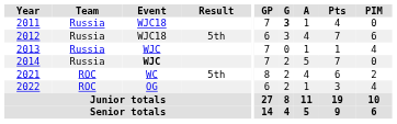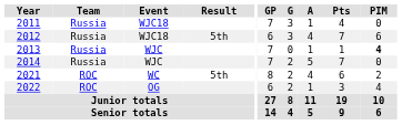 <table border="0" cellpadding="1" cellspacing="0" ID="Table3" style="text-align:center; width:40em">
 <tr ALIGN="center" bgcolor="#e0e0e0">
 <th>Year</th>
 <th>Team</th>
 <th>Event</th>
 <th>Result</th>
 <th rowspan="99" bgcolor="#ffffff"></th>
 <th>GP</th>
 <th>G</th>
 <th>A</th>
 <th>Pts</th>
 <th>PIM</th>
 </tr>
 <tr>
 <td><a href='#'>2011</a></td>
 <td><a href='#'>Russia</a></td>
 <td><a href='#'>WJC18</a></td>
 <td></td>
 <td>7</td>
-<td><strong>3</strong></td>
+<td>3</td>
 <td>1</td>
 <td>4</td>
 <td>0</td>
 </tr>
 <tr bgcolor="#f0f0f0">
 <td><a href='#'>2012</a></td>
 <td>Russia</td>
 <td>WJC18</td>
 <td>5th</td>
 <td>6</td>
 <td>3</td>
 <td>4</td>
 <td>7</td>
 <td>6</td>
 </tr>
 <tr>
 <td><a href='#'>2013</a></td>
 <td><a href='#'>Russia</a></td>
 <td><a href='#'>WJC</a></td>
 <td></td>
 <td>7</td>
 <td>0</td>
 <td>1</td>
 <td>1</td>
-<td>4</td>
+<td><strong>4</strong></td>
 </tr>
 <tr bgcolor="#f0f0f0">
 <td><a href='#'>2014</a></td>
 <td>Russia</td>
-<td><strong>WJC</strong></td>
+<td>WJC</td>
 <td></td>
 <td>7</td>
 <td>2</td>
 <td>5</td>
 <td>7</td>
 <td>0</td>
 </tr>
 <tr>
 <td><a href='#'>2021</a></td>
 <td><a href='#'>ROC</a></td>
 <td><a href='#'>WC</a></td>
 <td>5th</td>
 <td>8</td>
 <td>2</td>
 <td>4</td>
 <td>6</td>
 <td>2</td>
 </tr>
 <tr bgcolor="#f0f0f0">
 <td><a href='#'>2022</a></td>
 <td><a href='#'>ROC</a></td>
 <td><a href='#'>OG</a></td>
 <td></td>
 <td>6</td>
 <td>2</td>
 <td>1</td>
 <td>3</td>
 <td>4</td>
 </tr>
 <tr bgcolor="#e0e0e0">
 <th colspan="4">Junior totals</th>
 <th>27</th>
 <th>8</th>
 <th>11</th>
 <th>19</th>
 <th>10</th>
 </tr>
 <tr bgcolor="#e0e0e0">
 <th colspan="4">Senior totals</th>
 <th>14</th>
 <th>4</th>
 <th>5</th>
 <th>9</th>
 <th>6</th>
 </tr>
 </table>
